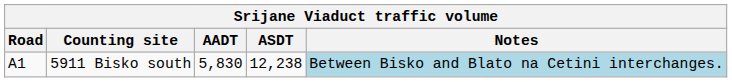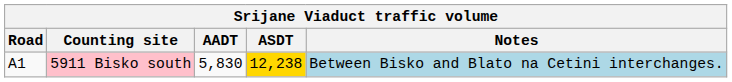 <table class="wikitable">
 <tr>
 <td colspan=5 style="background:#f2f2f2;" align=center style=margin-top:15><strong>Srijane Viaduct traffic volume</strong></td>
 </tr>
 <tr>
 <td align=center style="background:#f2f2f2;"><strong>Road</strong></td>
 <td align=center style="background:#f2f2f2;"><strong>Counting site</strong></td>
 <td align=center style="background:#f2f2f2;"><strong>AADT</strong></td>
 <td align=center style="background:#f2f2f2;"><strong>ASDT</strong></td>
 <td align=center style="background:#f2f2f2;"><strong>Notes</strong></td>
 </tr>
 <tr>
 <td> A1</td>
-<td>5911 Bisko south</td>
+<td style="background: pink;">5911 Bisko south</td>
 <td align=center>5,830</td>
-<td align=center>12,238</td>
+<td align=center style="background: gold;">12,238</td>
 <td style="background: lightblue;">Between Bisko and Blato na Cetini interchanges.</td>
 </tr>
 </table>
